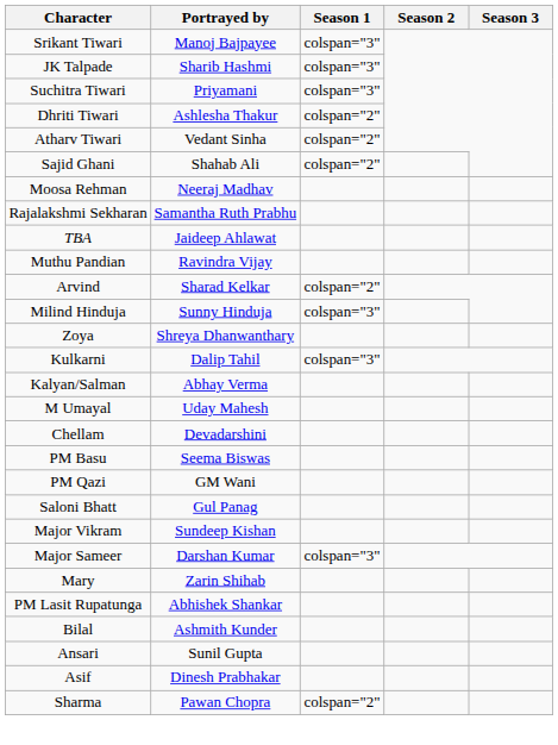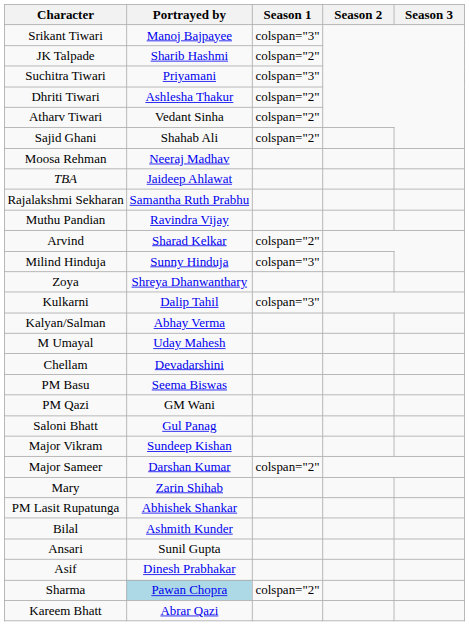 <table class="wikitable" style="text-align:center;">
 <tr>
 <th>Character</th>
 <th>Portrayed by</th>
 <th style="width:80px;">Season 1</th>
 <th style="width:80px;">Season 2</th>
 <th style="width:80px;">Season 3</th>
 </tr>
 <tr>
 <td>Srikant Tiwari</td>
 <td><a href='#'>Manoj Bajpayee</a></td>
 <td>colspan="3" </td>
 </tr>
 <tr>
 <td>JK Talpade</td>
 <td><a href='#'>Sharib Hashmi</a></td>
-<td>colspan="3" </td>
+<td>colspan="2" </td>
 </tr>
 <tr>
 <td>Suchitra Tiwari</td>
 <td><a href='#'>Priyamani</a></td>
 <td>colspan="3" </td>
 </tr>
 <tr>
 <td>Dhriti Tiwari</td>
 <td><a href='#'>Ashlesha Thakur</a></td>
 <td>colspan="2" </td>
 </tr>
 <tr>
 <td>Atharv Tiwari</td>
 <td>Vedant Sinha</td>
 <td>colspan="2" </td>
 </tr>
 <tr>
 <td>Sajid Ghani</td>
 <td>Shahab Ali</td>
 <td>colspan="2" </td>
 <td></td>
 </tr>
 <tr>
 <td>Moosa Rehman</td>
 <td><a href='#'>Neeraj Madhav</a></td>
 <td></td>
 <td></td>
 <td></td>
 </tr>
 <tr>
-<td>Rajalakshmi Sekharan</td>
-<td><a href='#'>Samantha Ruth Prabhu</a></td>
+<td><em>TBA</em></td>
+<td><a href='#'>Jaideep Ahlawat</a></td>
 <td></td>
 <td></td>
 <td></td>
 </tr>
 <tr>
-<td><em>TBA</em></td>
-<td><a href='#'>Jaideep Ahlawat</a></td>
+<td>Rajalakshmi Sekharan</td>
+<td><a href='#'>Samantha Ruth Prabhu</a></td>
 <td></td>
 <td></td>
 <td></td>
 </tr>
 <tr>
 <td>Muthu Pandian</td>
 <td><a href='#'>Ravindra Vijay</a></td>
 <td></td>
 <td></td>
 <td></td>
 </tr>
 <tr>
 <td>Arvind</td>
 <td><a href='#'>Sharad Kelkar</a></td>
 <td>colspan="2"</td>
 </tr>
 <tr>
 <td>Milind Hinduja</td>
 <td><a href='#'>Sunny Hinduja</a></td>
 <td>colspan="3" </td>
 <td></td>
 </tr>
 <tr>
 <td>Zoya</td>
 <td><a href='#'>Shreya Dhanwanthary</a></td>
 <td></td>
 <td></td>
 <td></td>
 </tr>
 <tr>
 <td>Kulkarni</td>
 <td><a href='#'>Dalip Tahil</a></td>
 <td>colspan="3"</td>
 </tr>
 <tr>
 <td>Kalyan/Salman</td>
 <td><a href='#'>Abhay Verma</a></td>
 <td></td>
 <td></td>
 <td></td>
 </tr>
 <tr>
 <td>M Umayal</td>
 <td><a href='#'>Uday Mahesh</a></td>
 <td></td>
 <td></td>
 <td></td>
 </tr>
 <tr>
 <td>Chellam</td>
 <td><a href='#'>Devadarshini</a></td>
 <td></td>
 <td></td>
 <td></td>
 </tr>
 <tr>
 <td>PM Basu</td>
 <td><a href='#'>Seema Biswas</a></td>
 <td></td>
 <td></td>
 <td></td>
 </tr>
 <tr>
 <td>PM Qazi</td>
 <td>GM Wani</td>
 <td></td>
 <td></td>
 <td></td>
 </tr>
 <tr>
 <td>Saloni Bhatt</td>
 <td><a href='#'>Gul Panag</a></td>
 <td></td>
 <td></td>
 <td></td>
 </tr>
 <tr>
 <td>Major Vikram</td>
 <td><a href='#'>Sundeep Kishan</a></td>
 <td></td>
 <td></td>
 <td></td>
 </tr>
 <tr>
 <td>Major Sameer</td>
 <td><a href='#'>Darshan Kumar</a></td>
-<td>colspan="3"</td>
+<td>colspan="2" </td>
 </tr>
 <tr>
 <td>Mary</td>
 <td><a href='#'>Zarin Shihab</a></td>
 <td></td>
 <td></td>
 <td></td>
 </tr>
 <tr>
 <td>PM Lasit Rupatunga</td>
 <td><a href='#'>Abhishek Shankar</a></td>
 <td></td>
 <td></td>
 <td></td>
 </tr>
 <tr>
 <td>Bilal</td>
 <td><a href='#'>Ashmith Kunder</a></td>
 <td></td>
 <td></td>
 <td></td>
 </tr>
 <tr>
 <td>Ansari</td>
 <td>Sunil Gupta</td>
 <td></td>
 <td></td>
 <td></td>
 </tr>
 <tr>
 <td>Asif</td>
 <td><a href='#'>Dinesh Prabhakar</a></td>
 <td></td>
 <td></td>
 <td></td>
 </tr>
 <tr>
 <td>Sharma</td>
-<td><a href='#'>Pawan Chopra</a></td>
+<td style="background: lightblue;"><a href='#'>Pawan Chopra</a></td>
 <td>colspan="2" </td>
 <td></td>
 </tr>
+<tr>
+<td>Kareem Bhatt</td>
+<td><a href='#'>Abrar Qazi</a></td>
+<td></td>
+<td></td>
+<td></td>
+</tr>
 </table>
